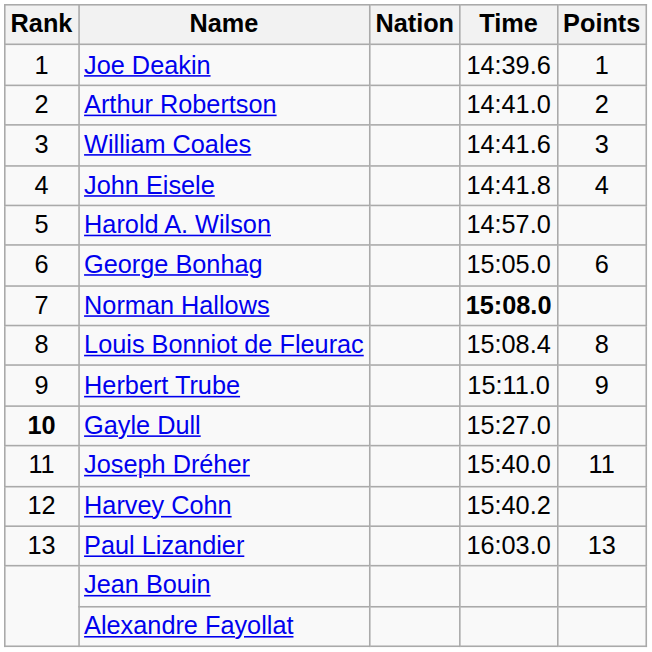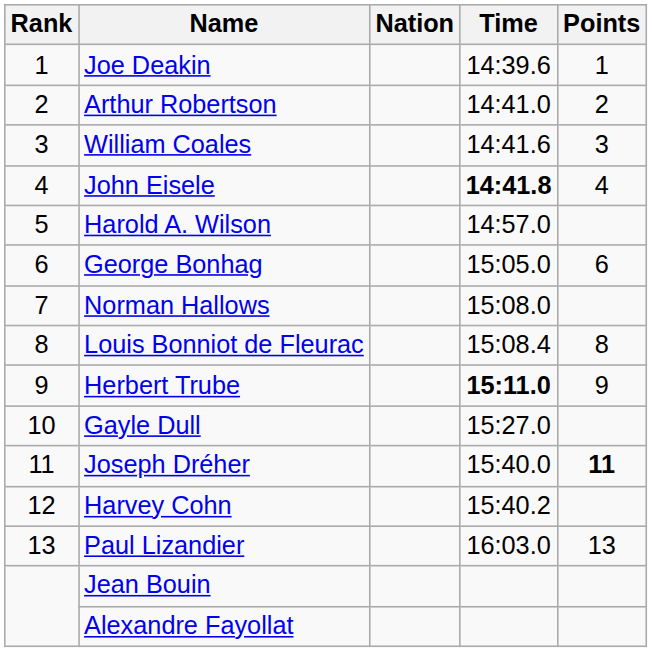 <table class="wikitable sortable" style=text-align:center>
 <tr>
 <th>Rank</th>
 <th>Name</th>
 <th>Nation</th>
 <th>Time</th>
 <th>Points</th>
 </tr>
 <tr>
 <td>1</td>
 <td align=left><a href='#'>Joe Deakin</a></td>
 <td align=left></td>
 <td>14:39.6</td>
 <td>1</td>
 </tr>
 <tr>
 <td>2</td>
 <td align=left><a href='#'>Arthur Robertson</a></td>
 <td align=left></td>
 <td>14:41.0</td>
 <td>2</td>
 </tr>
 <tr>
 <td>3</td>
 <td align=left><a href='#'>William Coales</a></td>
 <td align=left></td>
 <td>14:41.6</td>
 <td>3</td>
 </tr>
 <tr>
 <td>4</td>
 <td align=left><a href='#'>John Eisele</a></td>
 <td align=left></td>
-<td>14:41.8</td>
+<td><strong>14:41.8</strong></td>
 <td>4</td>
 </tr>
 <tr>
 <td>5</td>
 <td align=left><a href='#'>Harold A. Wilson</a></td>
 <td align=left></td>
 <td>14:57.0</td>
 <td></td>
 </tr>
 <tr>
 <td>6</td>
 <td align=left><a href='#'>George Bonhag</a></td>
 <td align=left></td>
 <td>15:05.0</td>
 <td>6</td>
 </tr>
 <tr>
 <td>7</td>
 <td align=left><a href='#'>Norman Hallows</a></td>
 <td align=left></td>
-<td><strong>15:08.0</strong></td>
+<td>15:08.0</td>
 <td></td>
 </tr>
 <tr>
 <td>8</td>
 <td align=left><a href='#'>Louis Bonniot de Fleurac</a></td>
 <td align=left></td>
 <td>15:08.4</td>
 <td>8</td>
 </tr>
 <tr>
 <td>9</td>
 <td align=left><a href='#'>Herbert Trube</a></td>
 <td align=left></td>
-<td>15:11.0</td>
+<td><strong>15:11.0</strong></td>
 <td>9</td>
 </tr>
 <tr>
-<td><strong>10</strong></td>
+<td>10</td>
 <td align=left><a href='#'>Gayle Dull</a></td>
 <td align=left></td>
 <td>15:27.0</td>
 <td></td>
 </tr>
 <tr>
 <td>11</td>
 <td align=left><a href='#'>Joseph Dréher</a></td>
 <td align=left></td>
 <td>15:40.0</td>
-<td>11</td>
+<td><strong>11</strong></td>
 </tr>
 <tr>
 <td>12</td>
 <td align=left><a href='#'>Harvey Cohn</a></td>
 <td align=left></td>
 <td>15:40.2</td>
 <td></td>
 </tr>
 <tr>
 <td>13</td>
 <td align=left><a href='#'>Paul Lizandier</a></td>
 <td align=left></td>
 <td>16:03.0</td>
 <td>13</td>
 </tr>
 <tr>
 <td rowspan=2></td>
 <td align=left><a href='#'>Jean Bouin</a></td>
 <td align=left></td>
 <td></td>
 <td></td>
 </tr>
 <tr>
 <td align=left><a href='#'>Alexandre Fayollat</a></td>
 <td align=left></td>
 <td></td>
 <td></td>
 </tr>
 </table>
